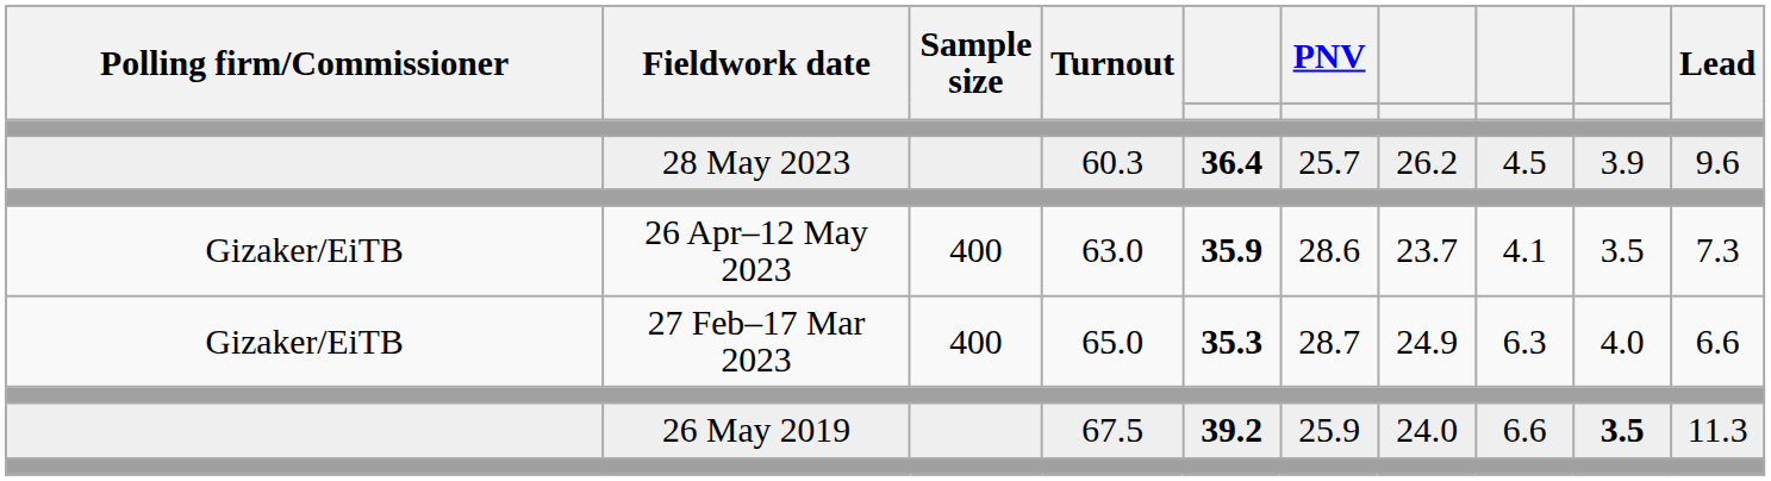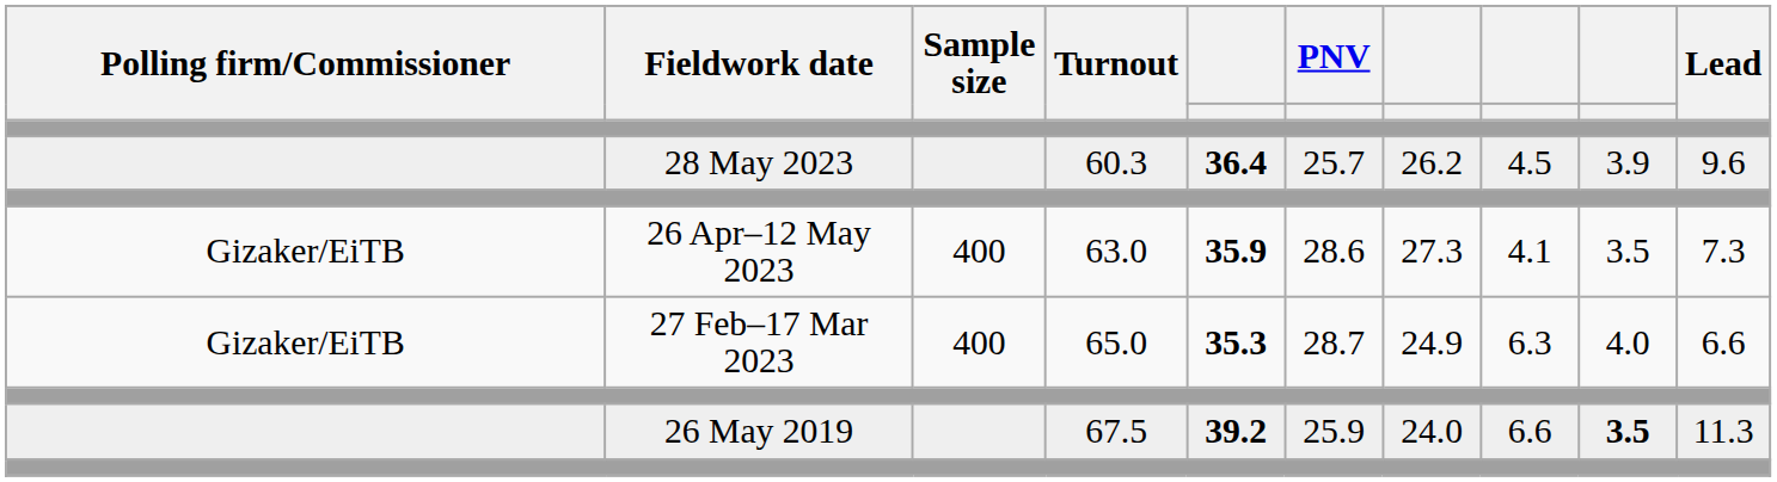 <table class="wikitable collapsible collapsed" style="text-align:center; font-size:95%; line-height:16px;">
 <tr style="height:42px;">
 <th style="width:250px;" rowspan="2">Polling firm/Commissioner</th>
 <th style="width:125px;" rowspan="2">Fieldwork date</th>
 <th style="width:50px;" rowspan="2">Sample size</th>
 <th style="width:45px;" rowspan="2">Turnout</th>
 <th style="width:35px;"></th>
 <th style="width:35px;"><a href='#'>PNV</a></th>
 <th style="width:35px;"></th>
 <th style="width:35px;"></th>
 <th style="width:35px;"></th>
 <th style="width:30px;" rowspan="2">Lead</th>
 </tr>
 <tr>
 <th style="color:inherit;background:"></th>
 <th style="color:inherit;background:"></th>
 <th style="color:inherit;background:"></th>
 <th style="color:inherit;background:"></th>
 <th style="color:inherit;background:"></th>
 </tr>
 <tr>
 <td colspan="10" style="background:#A0A0A0"></td>
 </tr>
 <tr style="background:#EFEFEF;">
 <td><strong></strong></td>
 <td>28 May 2023</td>
 <td></td>
 <td>60.3</td>
 <td><strong>36.4</strong><br></td>
 <td>25.7<br></td>
 <td>26.2<br></td>
 <td>4.5<br></td>
 <td>3.9<br></td>
 <td style="background:">9.6</td>
 </tr>
 <tr>
 <td colspan="10" style="background:#A0A0A0"></td>
 </tr>
 <tr>
 <td>Gizaker/EiTB</td>
 <td>26 Apr–12 May 2023</td>
 <td>400</td>
 <td>63.0</td>
 <td><strong>35.9</strong><br></td>
 <td>28.6<br></td>
-<td>23.7<br></td>
+<td>27.3<br></td>
 <td>4.1<br></td>
 <td>3.5<br></td>
 <td style="background:">7.3</td>
 </tr>
 <tr>
 <td>Gizaker/EiTB</td>
 <td>27 Feb–17 Mar 2023</td>
 <td>400</td>
 <td>65.0</td>
 <td><strong>35.3</strong><br></td>
 <td>28.7<br></td>
 <td>24.9<br></td>
 <td>6.3<br></td>
 <td>4.0<br></td>
 <td style="background:">6.6</td>
 </tr>
 <tr>
 <td colspan="10" style="background:#A0A0A0"></td>
 </tr>
 <tr style="background:#EFEFEF;">
 <td><strong></strong></td>
 <td>26 May 2019</td>
 <td></td>
 <td>67.5</td>
 <td><strong>39.2</strong><br></td>
 <td>25.9<br></td>
 <td>24.0<br></td>
 <td>6.6<br></td>
 <td><strong>3.5<br></strong></td>
 <td style="background:">11.3</td>
 </tr>
 <tr>
 <td colspan="10" style="background:#A0A0A0"></td>
 </tr>
 </table>
